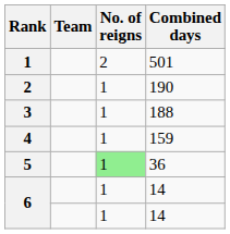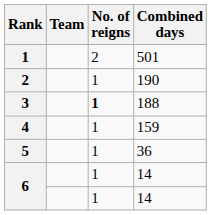 <table class="wikitable sortable">
 <tr>
 <th>Rank</th>
 <th>Team</th>
 <th>No. of<br>reigns</th>
 <th>Combined<br>days</th>
 </tr>
 <tr>
 <th>1</th>
 <td><br></td>
 <td>2</td>
 <td>501</td>
 </tr>
 <tr>
 <th>2</th>
 <td><br></td>
 <td>1</td>
 <td>190</td>
 </tr>
 <tr>
 <th>3</th>
 <td></td>
-<td>1</td>
+<td><strong>1</strong></td>
 <td>188</td>
 </tr>
 <tr>
 <th>4</th>
 <td></td>
 <td>1</td>
 <td>159</td>
 </tr>
 <tr>
 <th>5</th>
 <td></td>
-<td style="background: lightgreen;">1</td>
+<td>1</td>
 <td>36</td>
 </tr>
 <tr>
 <th rowspan="2">6</th>
 <td></td>
 <td>1</td>
 <td>14</td>
 </tr>
 <tr>
 <td></td>
 <td>1</td>
 <td>14</td>
 </tr>
 </table>
